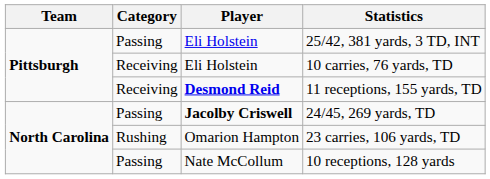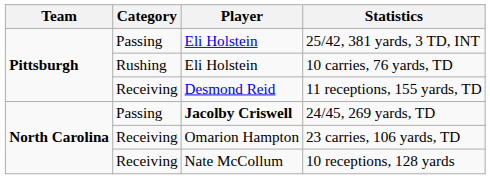 <table class="wikitable" style="float: right;">
 <tr>
 <th>Team</th>
 <th>Category</th>
 <th>Player</th>
 <th>Statistics</th>
 </tr>
 <tr>
 <td rowspan=3><strong>Pittsburgh</strong></td>
 <td>Passing</td>
 <td><a href='#'>Eli Holstein</a></td>
 <td>25/42, 381 yards, 3 TD, INT</td>
 </tr>
 <tr>
-<td>Receiving</td>
+<td>Rushing</td>
 <td>Eli Holstein</td>
 <td>10 carries, 76 yards, TD</td>
 </tr>
 <tr>
 <td>Receiving</td>
-<td><strong><a href='#'>Desmond Reid</a></strong></td>
+<td><a href='#'>Desmond Reid</a></td>
 <td>11 receptions, 155 yards, TD</td>
 </tr>
 <tr>
 <td rowspan=3><strong>North Carolina</strong></td>
 <td>Passing</td>
 <td><strong>Jacolby Criswell</strong></td>
 <td>24/45, 269 yards, TD</td>
 </tr>
 <tr>
-<td>Rushing</td>
+<td>Receiving</td>
 <td>Omarion Hampton</td>
 <td>23 carries, 106 yards, TD</td>
 </tr>
 <tr>
-<td>Passing</td>
+<td>Receiving</td>
 <td>Nate McCollum</td>
 <td>10 receptions, 128 yards</td>
 </tr>
 </table>
